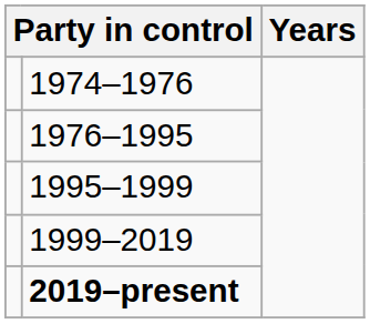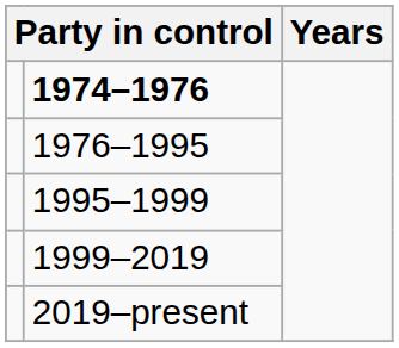 <table class="wikitable">
 <tr>
 <th colspan=2>Party in control</th>
 <th>Years</th>
 </tr>
 <tr>
 <td></td>
-<td>1974–1976</td>
+<td><strong>1974–1976</strong></td>
 </tr>
 <tr>
 <td></td>
 <td>1976–1995</td>
 </tr>
 <tr>
 <td></td>
 <td>1995–1999</td>
 </tr>
 <tr>
 <td></td>
 <td>1999–2019</td>
 </tr>
 <tr>
 <td></td>
-<td><strong>2019–present</strong></td>
+<td>2019–present</td>
 </tr>
 </table>
